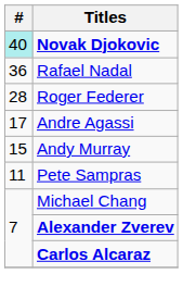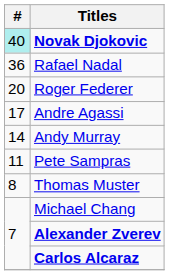 <table class="wikitable" style="display:inline-table;">
 <tr>
 <th width=20>#</th>
 <th>Titles</th>
 </tr>
 <tr>
 <td style="background: paleturquoise;">40</td>
 <td align="left"> <strong><a href='#'>Novak Djokovic</a></strong></td>
 </tr>
 <tr>
 <td>36</td>
 <td align="left"> <a href='#'>Rafael Nadal</a></td>
 </tr>
 <tr>
-<td>28</td>
+<td>20</td>
 <td align="left"> <a href='#'>Roger Federer</a></td>
 </tr>
 <tr>
 <td>17</td>
 <td align="left"> <a href='#'>Andre Agassi</a></td>
 </tr>
 <tr>
-<td>15</td>
+<td>14</td>
 <td align="left"> <a href='#'>Andy Murray</a></td>
 </tr>
 <tr>
 <td>11</td>
 <td align="left"> <a href='#'>Pete Sampras</a></td>
+</tr>
+<tr>
+<td>8</td>
+<td align="left"> <a href='#'>Thomas Muster</a></td>
 </tr>
 <tr>
 <td rowspan="3">7</td>
 <td align="left"> <a href='#'>Michael Chang</a></td>
 </tr>
 <tr>
 <td align="left"> <strong><a href='#'>Alexander Zverev</a></strong></td>
 </tr>
 <tr>
 <td align="left"> <strong><a href='#'>Carlos Alcaraz</a></strong></td>
 </tr>
 <tr>
 </tr>
 </table>
